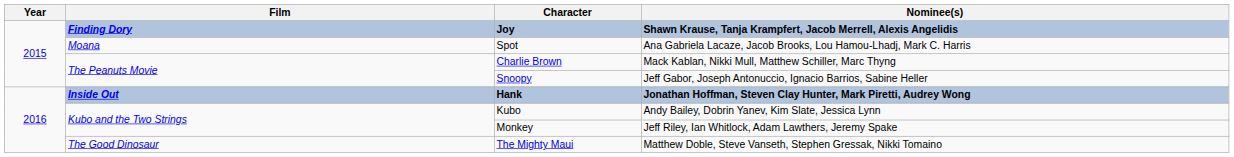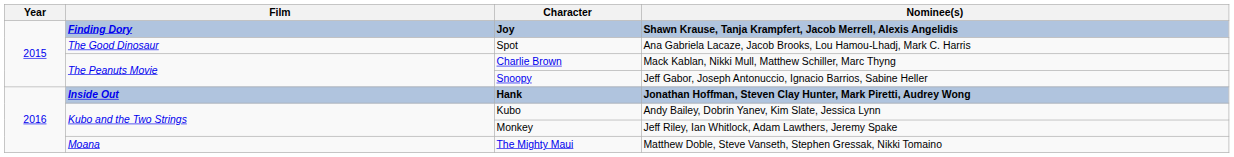 <table class="wikitable" width="95%" cellpadding="5">
 <tr>
 <th width="5%">Year</th>
 <th width="35%">Film</th>
 <th width="12%">Character</th>
 <th width="50%">Nominee(s)</th>
 </tr>
 <tr>
 <td rowspan="4" style="text-align:center;"><a href='#'>2015</a><br></td>
 <td style="background:#B0C4DE;"><strong><em><a href='#'>Finding Dory</a></em></strong></td>
 <td style="background:#B0C4DE;"><strong>Joy</strong></td>
 <td style="background:#B0C4DE;"><strong>Shawn Krause, Tanja Krampfert, Jacob Merrell, Alexis Angelidis</strong></td>
 </tr>
 <tr>
-<td><em><a href='#'>Moana</a></em></td>
+<td><em><a href='#'>The Good Dinosaur</a></em></td>
 <td>Spot</td>
 <td>Ana Gabriela Lacaze, Jacob Brooks, Lou Hamou-Lhadj, Mark C. Harris</td>
 </tr>
 <tr>
 <td rowspan="2"><em><a href='#'>The Peanuts Movie</a></em></td>
 <td><a href='#'>Charlie Brown</a></td>
 <td>Mack Kablan, Nikki Mull, Matthew Schiller, Marc Thyng</td>
 </tr>
 <tr>
 <td><a href='#'>Snoopy</a></td>
 <td>Jeff Gabor, Joseph Antonuccio, Ignacio Barrios, Sabine Heller</td>
 </tr>
 <tr>
 <td rowspan="4" style="text-align:center;"><a href='#'>2016</a><br></td>
 <td style="background:#B0C4DE;"><strong><em><a href='#'>Inside Out</a></em></strong></td>
 <td style="background:#B0C4DE;"><strong>Hank</strong></td>
 <td style="background:#B0C4DE;"><strong>Jonathan Hoffman, Steven Clay Hunter, Mark Piretti, Audrey Wong</strong></td>
 </tr>
 <tr>
 <td rowspan="2"><em><a href='#'>Kubo and the Two Strings</a></em></td>
 <td>Kubo</td>
 <td>Andy Bailey, Dobrin Yanev, Kim Slate, Jessica Lynn</td>
 </tr>
 <tr>
 <td>Monkey</td>
 <td>Jeff Riley, Ian Whitlock, Adam Lawthers, Jeremy Spake</td>
 </tr>
 <tr>
-<td><em><a href='#'>The Good Dinosaur</a></em></td>
+<td><em><a href='#'>Moana</a></em></td>
 <td><a href='#'>The Mighty Maui</a></td>
 <td>Matthew Doble, Steve Vanseth, Stephen Gressak, Nikki Tomaino</td>
 </tr>
 </table>
